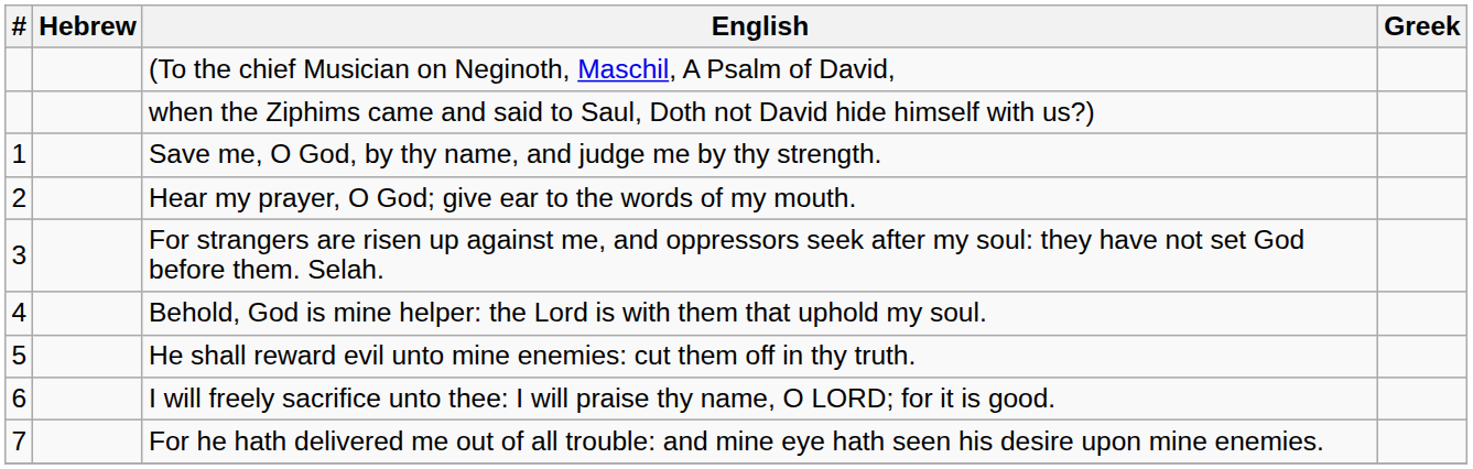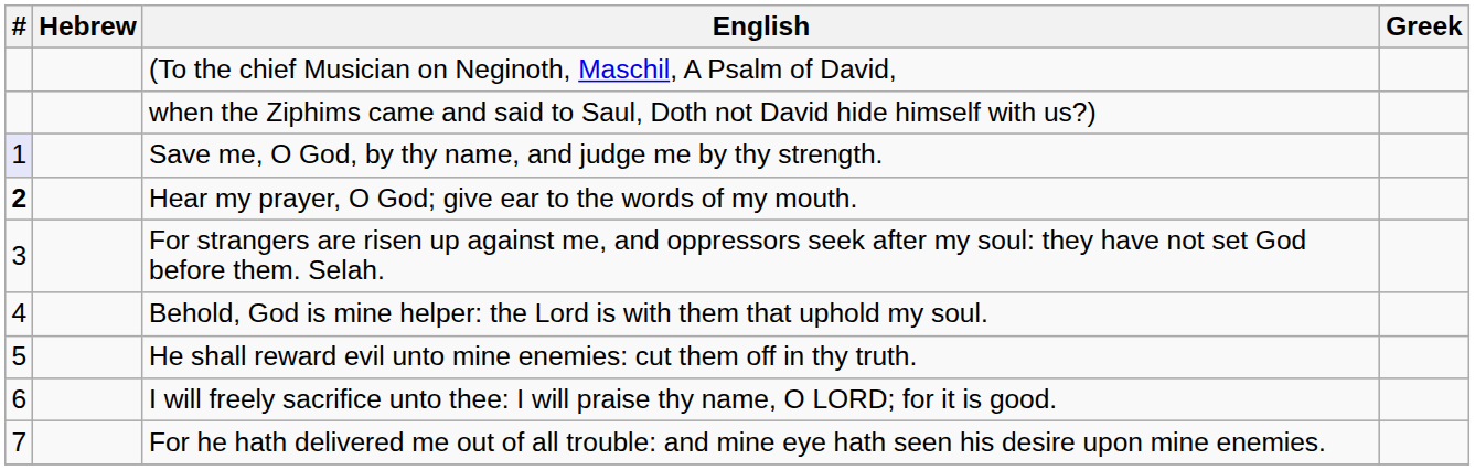 <table class=wikitable>
 <tr>
 <th>#</th>
 <th>Hebrew</th>
 <th>English</th>
 <th>Greek</th>
 </tr>
 <tr>
 <td style="text-align:right"></td>
 <td style="text-align:right"></td>
 <td>(To the chief Musician on Neginoth, <a href='#'>Maschil</a>, A Psalm of David,</td>
 <td></td>
 </tr>
 <tr>
 <td style="text-align:right"></td>
 <td style="text-align:right"></td>
 <td>when the Ziphims came and said to Saul, Doth not David hide himself with us?)</td>
 <td></td>
 </tr>
 <tr>
-<td style="text-align:right">1</td>
+<td style="background: lavender; text-align:right">1</td>
 <td style="text-align:right"></td>
 <td>Save me, O God, by thy name, and judge me by thy strength.</td>
 <td></td>
 </tr>
 <tr>
-<td style="text-align:right">2</td>
+<td style="text-align:right"><strong>2</strong></td>
 <td style="text-align:right"></td>
 <td>Hear my prayer, O God; give ear to the words of my mouth.</td>
 <td></td>
 </tr>
 <tr>
 <td style="text-align:right">3</td>
 <td style="text-align:right"></td>
 <td>For strangers are risen up against me, and oppressors seek after my soul: they have not set God before them. Selah.</td>
 <td></td>
 </tr>
 <tr>
 <td style="text-align:right">4</td>
 <td style="text-align:right"></td>
 <td>Behold, God is mine helper: the Lord is with them that uphold my soul.</td>
 <td></td>
 </tr>
 <tr>
 <td style="text-align:right">5</td>
 <td style="text-align:right"></td>
 <td>He shall reward evil unto mine enemies: cut them off in thy truth.</td>
 <td></td>
 </tr>
 <tr>
 <td style="text-align:right">6</td>
 <td style="text-align:right"></td>
 <td>I will freely sacrifice unto thee: I will praise thy name, O LORD; for it is good.</td>
 <td></td>
 </tr>
 <tr>
 <td style="text-align:right">7</td>
 <td style="text-align:right"></td>
 <td>For he hath delivered me out of all trouble: and mine eye hath seen his desire upon mine enemies.</td>
 <td></td>
 </tr>
 <tr>
 </tr>
 </table>
